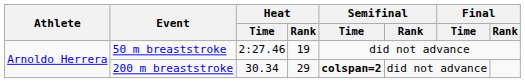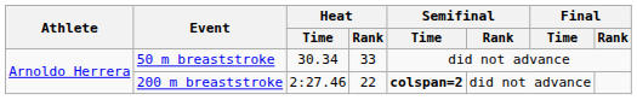 <table class=wikitable style="font-size:90%">
 <tr>
 <th rowspan=2>Athlete</th>
 <th rowspan=2>Event</th>
 <th colspan="2">Heat</th>
 <th colspan="2">Semifinal</th>
 <th colspan="2">Final</th>
 </tr>
 <tr style="font-size:95%">
 <th>Time</th>
 <th>Rank</th>
 <th>Time</th>
 <th>Rank</th>
 <th>Time</th>
 <th>Rank</th>
 </tr>
 <tr align=center>
 <td align=left rowspan=2><a href='#'>Arnoldo Herrera</a></td>
 <td align=left><a href='#'>50 m breaststroke</a></td>
-<td>2:27.46</td>
-<td>19</td>
+<td>30.34</td>
+<td>33</td>
 <td colspan=4>did not advance</td>
 </tr>
 <tr align=center>
 <td align=left><a href='#'>200 m breaststroke</a></td>
-<td>30.34</td>
-<td>29</td>
+<td>2:27.46</td>
+<td>22</td>
 <td><strong>colspan=2 </strong></td>
 <td colspan=2>did not advance</td>
 </tr>
 </table>
